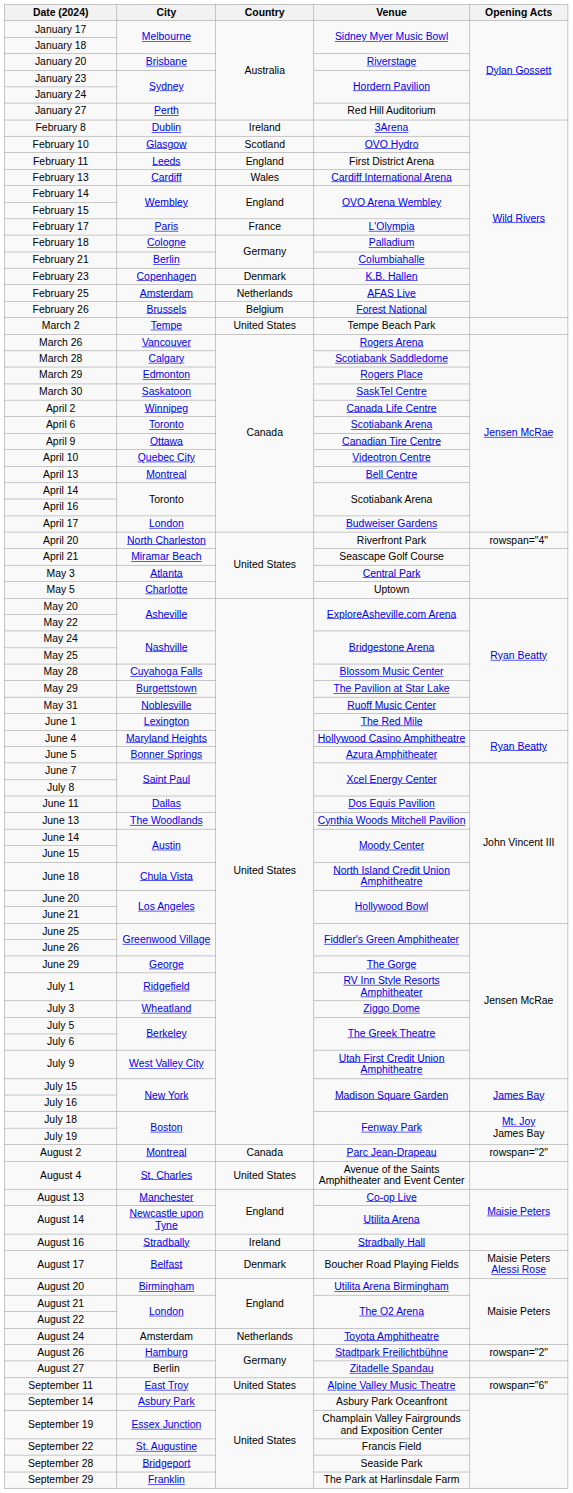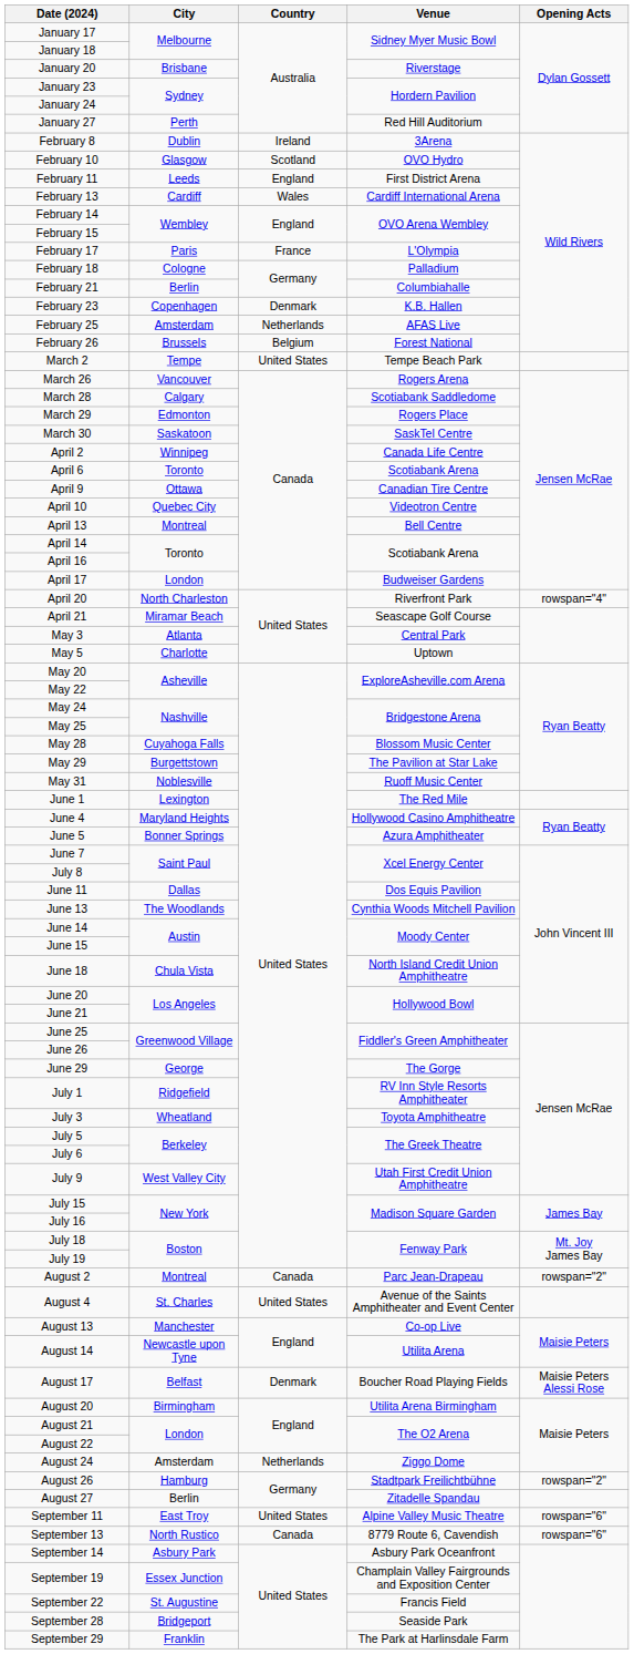 <table class="wikitable plainrowheaders" style="text-align:center;">
 <tr>
 <th scope="col" style="width:12em;">Date (2024)</th>
 <th scope="col" style="width:10em;">City</th>
 <th scope="col" style="width:10em;">Country</th>
 <th scope="col" style="width:16em;">Venue</th>
 <th scope="col" style="width:10em;">Opening Acts</th>
 </tr>
 <tr>
 <td>January 17</td>
 <td rowspan="2"><a href='#'>Melbourne</a></td>
 <td rowspan="6">Australia</td>
 <td rowspan="2"><a href='#'>Sidney Myer Music Bowl</a></td>
 <td rowspan="6"><a href='#'>Dylan Gossett</a></td>
 </tr>
 <tr>
 <td>January 18</td>
 </tr>
 <tr>
 <td>January 20</td>
 <td><a href='#'>Brisbane</a></td>
 <td><a href='#'>Riverstage</a></td>
 </tr>
 <tr>
 <td>January 23</td>
 <td rowspan="2"><a href='#'>Sydney</a></td>
 <td rowspan="2"><a href='#'>Hordern Pavilion</a></td>
 </tr>
 <tr>
 <td>January 24</td>
 </tr>
 <tr>
 <td>January 27</td>
 <td><a href='#'>Perth</a></td>
 <td>Red Hill Auditorium</td>
 </tr>
 <tr>
 <td>February 8</td>
 <td><a href='#'>Dublin</a></td>
 <td>Ireland</td>
 <td><a href='#'>3Arena</a></td>
 <td rowspan="12"><a href='#'>Wild Rivers</a></td>
 </tr>
 <tr>
 <td>February 10</td>
 <td><a href='#'>Glasgow</a></td>
 <td>Scotland</td>
 <td><a href='#'>OVO Hydro</a></td>
 </tr>
 <tr>
 <td>February 11</td>
 <td><a href='#'>Leeds</a></td>
 <td>England</td>
 <td>First District Arena</td>
 </tr>
 <tr>
 <td>February 13</td>
 <td><a href='#'>Cardiff</a></td>
 <td>Wales</td>
 <td><a href='#'>Cardiff International Arena</a></td>
 </tr>
 <tr>
 <td>February 14</td>
 <td rowspan="2"><a href='#'>Wembley</a></td>
 <td rowspan="2">England</td>
 <td rowspan="2"><a href='#'>OVO Arena Wembley</a></td>
 </tr>
 <tr>
 <td>February 15</td>
 </tr>
 <tr>
 <td>February 17</td>
 <td><a href='#'>Paris</a></td>
 <td>France</td>
 <td><a href='#'>L'Olympia</a></td>
 </tr>
 <tr>
 <td>February 18</td>
 <td><a href='#'>Cologne</a></td>
 <td rowspan="2">Germany</td>
 <td><a href='#'>Palladium</a></td>
 </tr>
 <tr>
 <td>February 21</td>
 <td><a href='#'>Berlin</a></td>
 <td><a href='#'>Columbiahalle</a></td>
 </tr>
 <tr>
 <td>February 23</td>
 <td><a href='#'>Copenhagen</a></td>
 <td>Denmark</td>
 <td><a href='#'>K.B. Hallen</a></td>
 </tr>
 <tr>
 <td>February 25</td>
 <td><a href='#'>Amsterdam</a></td>
 <td>Netherlands</td>
 <td><a href='#'>AFAS Live</a></td>
 </tr>
 <tr>
 <td>February 26</td>
 <td><a href='#'>Brussels</a></td>
 <td>Belgium</td>
 <td><a href='#'>Forest National</a></td>
 </tr>
 <tr>
 <td>March 2</td>
 <td><a href='#'>Tempe</a></td>
 <td>United States</td>
 <td>Tempe Beach Park</td>
 <td></td>
 </tr>
 <tr>
 <td>March 26</td>
 <td><a href='#'>Vancouver</a></td>
 <td rowspan="12">Canada</td>
 <td><a href='#'>Rogers Arena</a></td>
 <td rowspan="12"><a href='#'>Jensen McRae</a></td>
 </tr>
 <tr>
 <td>March 28</td>
 <td><a href='#'>Calgary</a></td>
 <td><a href='#'>Scotiabank Saddledome</a></td>
 </tr>
 <tr>
 <td>March 29</td>
 <td><a href='#'>Edmonton</a></td>
 <td><a href='#'>Rogers Place</a></td>
 </tr>
 <tr>
 <td>March 30</td>
 <td><a href='#'>Saskatoon</a></td>
 <td><a href='#'>SaskTel Centre</a></td>
 </tr>
 <tr>
 <td>April 2</td>
 <td><a href='#'>Winnipeg</a></td>
 <td><a href='#'>Canada Life Centre</a></td>
 </tr>
 <tr>
 <td>April 6</td>
 <td><a href='#'>Toronto</a></td>
 <td><a href='#'>Scotiabank Arena</a></td>
 </tr>
 <tr>
 <td>April 9</td>
 <td><a href='#'>Ottawa</a></td>
 <td><a href='#'>Canadian Tire Centre</a></td>
 </tr>
 <tr>
 <td>April 10</td>
 <td><a href='#'>Quebec City</a></td>
 <td><a href='#'>Videotron Centre</a></td>
 </tr>
 <tr>
 <td>April 13</td>
 <td><a href='#'>Montreal</a></td>
 <td><a href='#'>Bell Centre</a></td>
 </tr>
 <tr>
 <td>April 14</td>
 <td rowspan="2">Toronto</td>
 <td rowspan="2">Scotiabank Arena</td>
 </tr>
 <tr>
 <td>April 16</td>
 </tr>
 <tr>
 <td>April 17</td>
 <td><a href='#'>London</a></td>
 <td><a href='#'>Budweiser Gardens</a></td>
 </tr>
 <tr>
 <td>April 20</td>
 <td><a href='#'>North Charleston</a></td>
 <td rowspan="4">United States</td>
 <td>Riverfront Park</td>
 <td>rowspan="4" </td>
 </tr>
 <tr>
 <td>April 21</td>
 <td><a href='#'>Miramar Beach</a></td>
 <td>Seascape Golf Course</td>
 </tr>
 <tr>
 <td>May 3</td>
 <td><a href='#'>Atlanta</a></td>
 <td><a href='#'>Central Park</a></td>
 </tr>
 <tr>
 <td>May 5</td>
 <td><a href='#'>Charlotte</a></td>
 <td>Uptown</td>
 </tr>
 <tr>
 <td>May 20</td>
 <td rowspan="2"><a href='#'>Asheville</a></td>
 <td rowspan="31">United States</td>
 <td rowspan="2"><a href='#'>ExploreAsheville.com Arena</a></td>
 <td rowspan="7"><a href='#'>Ryan Beatty</a></td>
 </tr>
 <tr>
 <td>May 22</td>
 </tr>
 <tr>
 <td>May 24</td>
 <td rowspan="2"><a href='#'>Nashville</a></td>
 <td rowspan="2"><a href='#'>Bridgestone Arena</a></td>
 </tr>
 <tr>
 <td>May 25</td>
 </tr>
 <tr>
 <td>May 28</td>
 <td><a href='#'>Cuyahoga Falls</a></td>
 <td><a href='#'>Blossom Music Center</a></td>
 </tr>
 <tr>
 <td>May 29</td>
 <td><a href='#'>Burgettstown</a></td>
 <td><a href='#'>The Pavilion at Star Lake</a></td>
 </tr>
 <tr>
 <td>May 31</td>
 <td><a href='#'>Noblesville</a></td>
 <td><a href='#'>Ruoff Music Center</a></td>
 </tr>
 <tr>
 <td>June 1</td>
 <td><a href='#'>Lexington</a></td>
 <td><a href='#'>The Red Mile</a></td>
 <td></td>
 </tr>
 <tr>
 <td>June 4</td>
 <td><a href='#'>Maryland Heights</a></td>
 <td><a href='#'>Hollywood Casino Amphitheatre</a></td>
 <td rowspan="2"><a href='#'>Ryan Beatty</a></td>
 </tr>
 <tr>
 <td>June 5</td>
 <td><a href='#'>Bonner Springs</a></td>
 <td><a href='#'>Azura Amphitheater</a></td>
 </tr>
 <tr>
 <td>June 7</td>
 <td rowspan="2"><a href='#'>Saint Paul</a></td>
 <td rowspan="2"><a href='#'>Xcel Energy Center</a></td>
 <td rowspan="9">John Vincent III</td>
 </tr>
 <tr>
 <td>July 8</td>
 </tr>
 <tr>
 <td>June 11</td>
 <td><a href='#'>Dallas</a></td>
 <td><a href='#'>Dos Equis Pavilion</a></td>
 </tr>
 <tr>
 <td>June 13</td>
 <td><a href='#'>The Woodlands</a></td>
 <td><a href='#'>Cynthia Woods Mitchell Pavilion</a></td>
 </tr>
 <tr>
 <td>June 14</td>
 <td rowspan="2"><a href='#'>Austin</a></td>
 <td rowspan="2"><a href='#'>Moody Center</a></td>
 </tr>
 <tr>
 <td>June 15</td>
 </tr>
 <tr>
 <td>June 18</td>
 <td><a href='#'>Chula Vista</a></td>
 <td><a href='#'>North Island Credit Union Amphitheatre</a></td>
 </tr>
 <tr>
 <td>June 20</td>
 <td rowspan="2"><a href='#'>Los Angeles</a></td>
 <td rowspan="2"><a href='#'>Hollywood Bowl</a></td>
 </tr>
 <tr>
 <td>June 21</td>
 </tr>
 <tr>
 <td>June 25</td>
 <td rowspan="2"><a href='#'>Greenwood Village</a></td>
 <td rowspan="2"><a href='#'>Fiddler's Green Amphitheater</a></td>
 <td rowspan="8">Jensen McRae</td>
 </tr>
 <tr>
 <td>June 26</td>
 </tr>
 <tr>
 <td>June 29</td>
 <td><a href='#'>George</a></td>
 <td><a href='#'>The Gorge</a></td>
 </tr>
 <tr>
 <td>July 1</td>
 <td><a href='#'>Ridgefield</a></td>
 <td><a href='#'>RV Inn Style Resorts Amphitheater</a></td>
 </tr>
 <tr>
 <td>July 3</td>
 <td><a href='#'>Wheatland</a></td>
-<td><a href='#'>Ziggo Dome</a></td>
+<td><a href='#'>Toyota Amphitheatre</a></td>
 </tr>
 <tr>
 <td>July 5</td>
 <td rowspan="2"><a href='#'>Berkeley</a></td>
 <td rowspan="2"><a href='#'>The Greek Theatre</a></td>
 </tr>
 <tr>
 <td>July 6</td>
 </tr>
 <tr>
 <td>July 9</td>
 <td><a href='#'>West Valley City</a></td>
 <td><a href='#'>Utah First Credit Union Amphitheatre</a></td>
 </tr>
 <tr>
 <td>July 15</td>
 <td rowspan="2"><a href='#'>New York</a></td>
 <td rowspan="2"><a href='#'>Madison Square Garden</a></td>
 <td rowspan="2"><a href='#'>James Bay</a></td>
 </tr>
 <tr>
 <td>July 16</td>
 </tr>
 <tr>
 <td>July 18</td>
 <td rowspan="2"><a href='#'>Boston</a></td>
 <td rowspan="2"><a href='#'>Fenway Park</a></td>
 <td rowspan="2"><a href='#'>Mt. Joy</a><br>James Bay</td>
 </tr>
 <tr>
 <td>July 19</td>
 </tr>
 <tr>
 <td>August 2</td>
 <td><a href='#'>Montreal</a></td>
 <td>Canada</td>
 <td><a href='#'>Parc Jean-Drapeau</a></td>
 <td>rowspan="2" </td>
 </tr>
 <tr>
 <td>August 4</td>
 <td><a href='#'>St. Charles</a></td>
 <td>United States</td>
 <td>Avenue of the Saints Amphitheater and Event Center</td>
 </tr>
 <tr>
 <td>August 13</td>
 <td><a href='#'>Manchester</a></td>
 <td rowspan="2">England</td>
 <td><a href='#'>Co-op Live</a></td>
 <td rowspan="2"><a href='#'>Maisie Peters</a></td>
 </tr>
 <tr>
 <td>August 14</td>
 <td><a href='#'>Newcastle upon Tyne</a></td>
 <td><a href='#'>Utilita Arena</a></td>
 </tr>
 <tr>
-<td>August 16</td>
-<td><a href='#'>Stradbally</a></td>
-<td>Ireland</td>
-<td><a href='#'>Stradbally Hall</a></td>
-<td></td>
-</tr>
-<tr>
 <td>August 17</td>
 <td><a href='#'>Belfast</a></td>
 <td>Denmark</td>
 <td>Boucher Road Playing Fields</td>
 <td>Maisie Peters<br><a href='#'>Alessi Rose</a></td>
 </tr>
 <tr>
 <td>August 20</td>
 <td><a href='#'>Birmingham</a></td>
 <td rowspan="3">England</td>
 <td><a href='#'>Utilita Arena Birmingham</a></td>
 <td rowspan="4">Maisie Peters</td>
 </tr>
 <tr>
 <td>August 21</td>
 <td rowspan="2"><a href='#'>London</a></td>
 <td rowspan="2"><a href='#'>The O2 Arena</a></td>
 </tr>
 <tr>
 <td>August 22</td>
 </tr>
 <tr>
 <td>August 24</td>
 <td>Amsterdam</td>
 <td>Netherlands</td>
-<td><a href='#'>Toyota Amphitheatre</a></td>
+<td><a href='#'>Ziggo Dome</a></td>
 </tr>
 <tr>
 <td>August 26</td>
 <td><a href='#'>Hamburg</a></td>
 <td rowspan="2">Germany</td>
 <td><a href='#'>Stadtpark Freilichtbühne</a></td>
 <td>rowspan="2" </td>
 </tr>
 <tr>
 <td>August 27</td>
 <td>Berlin</td>
 <td><a href='#'>Zitadelle Spandau</a></td>
 </tr>
 <tr>
 <td>September 11</td>
 <td><a href='#'>East Troy</a></td>
 <td>United States</td>
 <td><a href='#'>Alpine Valley Music Theatre</a></td>
+<td>rowspan="6" </td>
+</tr>
+<tr>
+<td>September 13</td>
+<td><a href='#'>North Rustico</a></td>
+<td>Canada</td>
+<td>8779 Route 6, Cavendish</td>
 <td>rowspan="6" </td>
 </tr>
 <tr>
 <td>September 14</td>
 <td><a href='#'>Asbury Park</a></td>
 <td rowspan="5">United States</td>
 <td>Asbury Park Oceanfront</td>
 </tr>
 <tr>
 <td>September 19</td>
 <td><a href='#'>Essex Junction</a></td>
 <td>Champlain Valley Fairgrounds and Exposition Center</td>
 </tr>
 <tr>
 <td>September 22</td>
 <td><a href='#'>St. Augustine</a></td>
 <td>Francis Field</td>
 </tr>
 <tr>
 <td>September 28</td>
 <td><a href='#'>Bridgeport</a></td>
 <td>Seaside Park</td>
 </tr>
 <tr>
 <td>September 29</td>
 <td><a href='#'>Franklin</a></td>
 <td>The Park at Harlinsdale Farm</td>
 </tr>
 </table>
